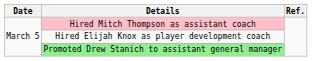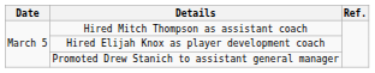 <table class="wikitable sortable sortable" style="text-align: center">
 <tr>
 <th>Date</th>
 <th>Details</th>
 <th>Ref.</th>
 </tr>
 <tr>
 <td rowspan=3>March 5</td>
-<td style="background: pink;">Hired Mitch Thompson as assistant coach</td>
+<td>Hired Mitch Thompson as assistant coach</td>
 <td rowspan=3></td>
 </tr>
 <tr>
 <td>Hired Elijah Knox as player development coach</td>
 </tr>
 <tr>
-<td style="background: lightgreen;">Promoted Drew Stanich to assistant general manager</td>
+<td>Promoted Drew Stanich to assistant general manager</td>
 </tr>
 </table>
